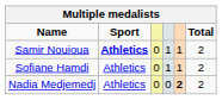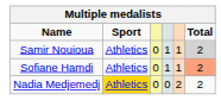 <table class="wikitable" style="font-size:85%; float:right;">
 <tr style="background:#efefef;">
 <th colspan=7><strong>Multiple medalists</strong></th>
 </tr>
 <tr align=center>
 <td><strong>Name</strong></td>
 <td><strong>Sport</strong></td>
 <td style="background:#f7f6a8;"></td>
 <td style="background:#dce5e5;"></td>
 <td style="background:#ffdab9;"></td>
 <td><strong>Total</strong></td>
 </tr>
 <tr align=center>
 <td><a href='#'>Samir Nouioua</a></td>
-<td><strong><a href='#'>Athletics</a></strong></td>
+<td><a href='#'>Athletics</a></td>
 <td style="background:#f7f6a8;">0</td>
 <td style="background:#dce5e5;">1</td>
 <td style="background:#ffdab9;">1</td>
-<td>2</td>
+<td style="background: lightgrey;">2</td>
 </tr>
 <tr align=center>
 <td><a href='#'>Sofiane Hamdi</a></td>
 <td><a href='#'>Athletics</a></td>
 <td style="background:#f7f6a8;">0</td>
 <td style="background:#dce5e5;">1</td>
 <td style="background:#ffdab9;">1</td>
-<td>2</td>
+<td style="background: lightsalmon;">2</td>
 </tr>
 <tr align=center>
 <td><a href='#'>Nadia Medjemedj</a></td>
-<td><a href='#'>Athletics</a></td>
+<td style="background: gold;"><a href='#'>Athletics</a></td>
 <td style="background:#f7f6a8;">0</td>
 <td style="background:#dce5e5;">0</td>
-<td style="background:#ffdab9;"><strong>2</strong></td>
+<td style="background:#ffdab9;">2</td>
 <td>2</td>
 </tr>
 </table>
